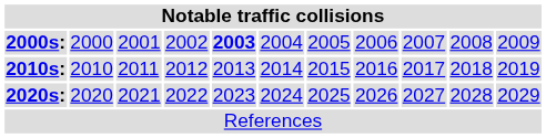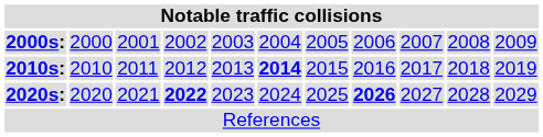 <table>
 <tr>
 <th style="background:#ddd; text-align:center;" colspan="11">Notable traffic collisions</th>
 </tr>
 <tr>
 <th style="background:#ddd; text-align:right;"><a href='#'>2000s</a>:</th>
 <td style="background:#ddd;"><a href='#'>2000</a></td>
 <td style="background:#ddd;"><a href='#'>2001</a></td>
 <td style="background:#ddd;"><a href='#'>2002</a></td>
-<td style="background:#ddd;"><strong><a href='#'>2003</a></strong></td>
+<td style="background:#ddd;"><a href='#'>2003</a></td>
 <td style="background:#ddd;"><a href='#'>2004</a></td>
 <td style="background:#ddd;"><a href='#'>2005</a></td>
 <td style="background:#ddd;"><a href='#'>2006</a></td>
 <td style="background:#ddd;"><a href='#'>2007</a></td>
 <td style="background:#ddd;"><a href='#'>2008</a></td>
 <td style="background:#ddd;"><a href='#'>2009</a></td>
 </tr>
 <tr>
 <th style="background:#ddd; text-align:right;"><a href='#'>2010s</a>:</th>
 <td style="background:#ddd;"><a href='#'>2010</a></td>
 <td style="background:#ddd;"><a href='#'>2011</a></td>
 <td style="background:#ddd;"><a href='#'>2012</a></td>
 <td style="background:#ddd;"><a href='#'>2013</a></td>
-<td style="background:#ddd;"><a href='#'>2014</a></td>
+<td style="background:#ddd;"><strong><a href='#'>2014</a></strong></td>
 <td style="background:#ddd;"><a href='#'>2015</a></td>
 <td style="background:#ddd;"><a href='#'>2016</a></td>
 <td style="background:#ddd;"><a href='#'>2017</a></td>
 <td style="background:#ddd;"><a href='#'>2018</a></td>
 <td style="background:#ddd;"><a href='#'>2019</a></td>
 </tr>
 <tr>
 <th style="background:#ddd; text-align:right;"><a href='#'>2020s</a>:</th>
 <td style="background:#ddd;"><a href='#'>2020</a></td>
 <td style="background:#ddd;"><a href='#'>2021</a></td>
-<td style="background:#ddd;"><a href='#'>2022</a></td>
+<td style="background:#ddd;"><strong><a href='#'>2022</a></strong></td>
 <td style="background:#ddd;"><a href='#'>2023</a></td>
 <td style="background:#ddd;"><a href='#'>2024</a></td>
 <td style="background:#ddd;"><a href='#'>2025</a></td>
-<td style="background:#ddd;"><a href='#'>2026</a></td>
+<td style="background:#ddd;"><strong><a href='#'>2026</a></strong></td>
 <td style="background:#ddd;"><a href='#'>2027</a></td>
 <td style="background:#ddd;"><a href='#'>2028</a></td>
 <td style="background:#ddd;"><a href='#'>2029</a></td>
 </tr>
 <tr>
 <td style="background:#ddd; text-align:center;" colspan="11"><a href='#'>References</a></td>
 </tr>
 </table>
